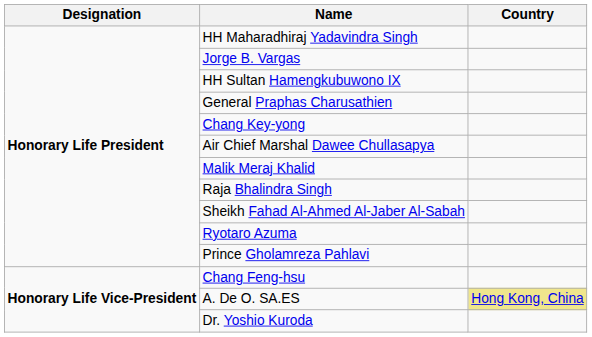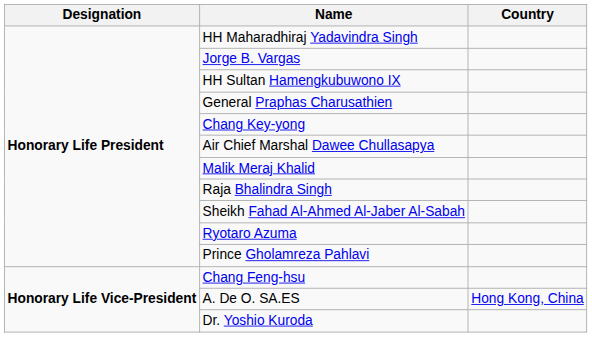 <table class="wikitable">
 <tr>
 <th>Designation</th>
 <th>Name</th>
 <th>Country</th>
 </tr>
 <tr>
 <td rowspan="11"><strong>Honorary Life President</strong></td>
 <td>HH Maharadhiraj <a href='#'>Yadavindra Singh</a></td>
 <td></td>
 </tr>
 <tr>
 <td><a href='#'>Jorge B. Vargas</a></td>
 <td></td>
 </tr>
 <tr>
 <td>HH Sultan <a href='#'>Hamengkubuwono IX</a></td>
 <td></td>
 </tr>
 <tr>
 <td>General <a href='#'>Praphas Charusathien</a></td>
 <td></td>
 </tr>
 <tr>
 <td><a href='#'>Chang Key-yong</a></td>
 <td></td>
 </tr>
 <tr>
 <td>Air Chief Marshal <a href='#'>Dawee Chullasapya</a></td>
 <td></td>
 </tr>
 <tr>
 <td><a href='#'>Malik Meraj Khalid</a></td>
 <td></td>
 </tr>
 <tr>
 <td>Raja <a href='#'>Bhalindra Singh</a></td>
 <td></td>
 </tr>
 <tr>
 <td>Sheikh <a href='#'>Fahad Al-Ahmed Al-Jaber Al-Sabah</a></td>
 <td></td>
 </tr>
 <tr>
 <td><a href='#'>Ryotaro Azuma</a></td>
 <td></td>
 </tr>
 <tr>
 <td>Prince <a href='#'>Gholamreza Pahlavi</a></td>
 <td></td>
 </tr>
 <tr>
 <td rowspan="3"><strong>Honorary Life Vice-President</strong></td>
 <td><a href='#'>Chang Feng-hsu</a></td>
 <td></td>
 </tr>
 <tr>
 <td>A. De O. SA.ES</td>
-<td style="background: khaki;"> <a href='#'>Hong Kong, China</a></td>
+<td> <a href='#'>Hong Kong, China</a></td>
 </tr>
 <tr>
 <td>Dr. <a href='#'>Yoshio Kuroda</a></td>
 <td></td>
 </tr>
 </table>
